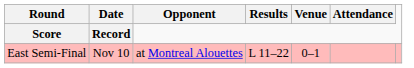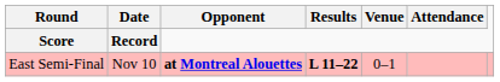 <table class="wikitable" style="text-align:center">
 <tr>
 <th>Round</th>
 <th>Date</th>
 <th>Opponent</th>
 <th>Results</th>
 <th>Venue</th>
 <th>Attendance</th>
 </tr>
 <tr>
 <th>Score</th>
 <th>Record</th>
 </tr>
 <tr style="background:#ffbbbb">
 <td>East Semi-Final</td>
 <td>Nov 10</td>
-<td>at <a href='#'>Montreal Alouettes</a></td>
-<td>L 11–22</td>
+<td><strong>at <a href='#'>Montreal Alouettes</a></strong></td>
+<td><strong>L 11–22</strong></td>
 <td>0–1</td>
 <td></td>
 <td></td>
 </tr>
 </table>
